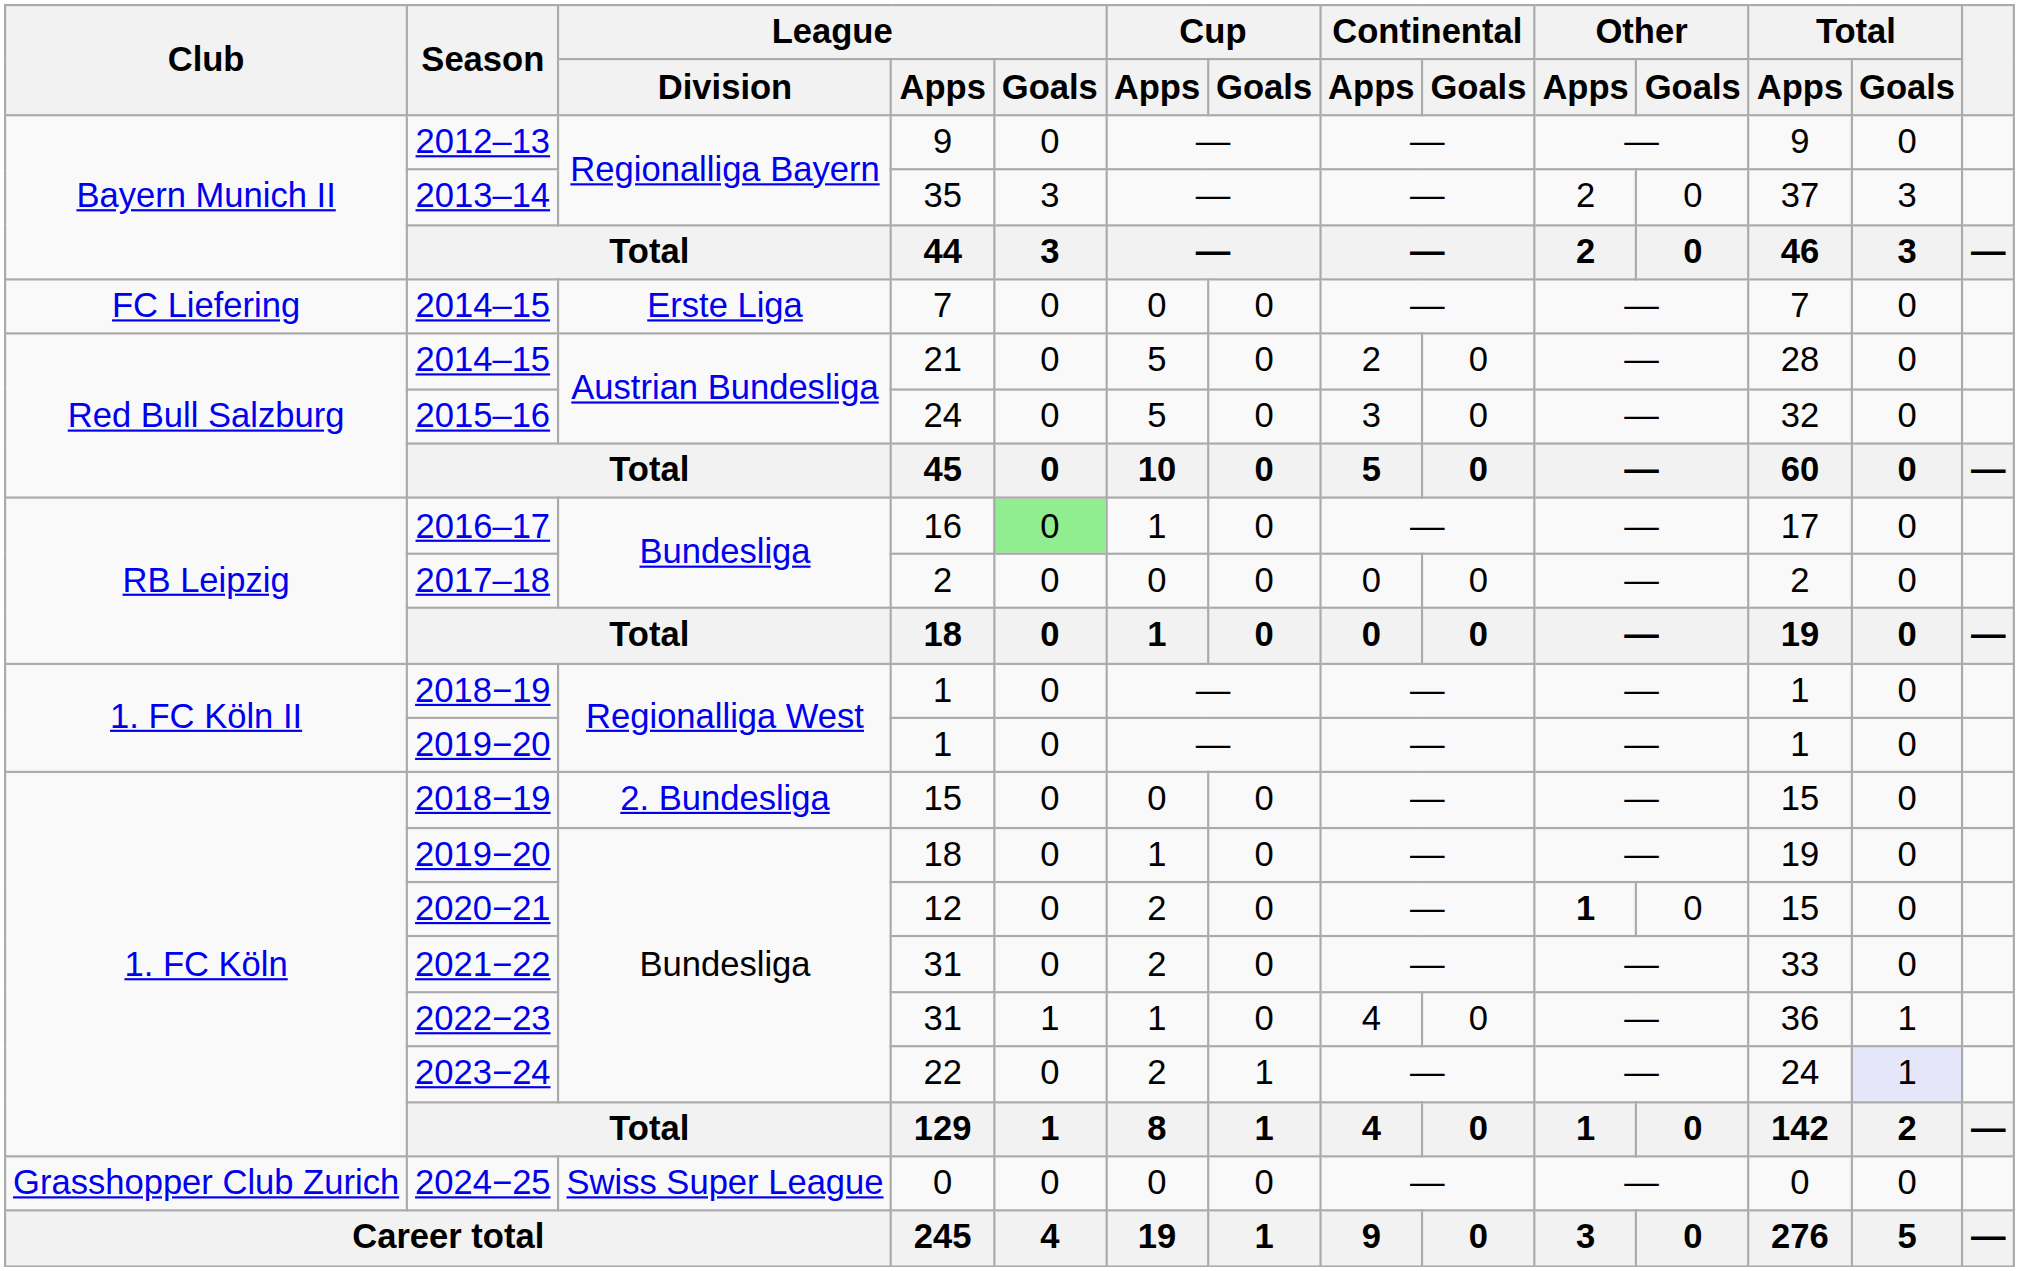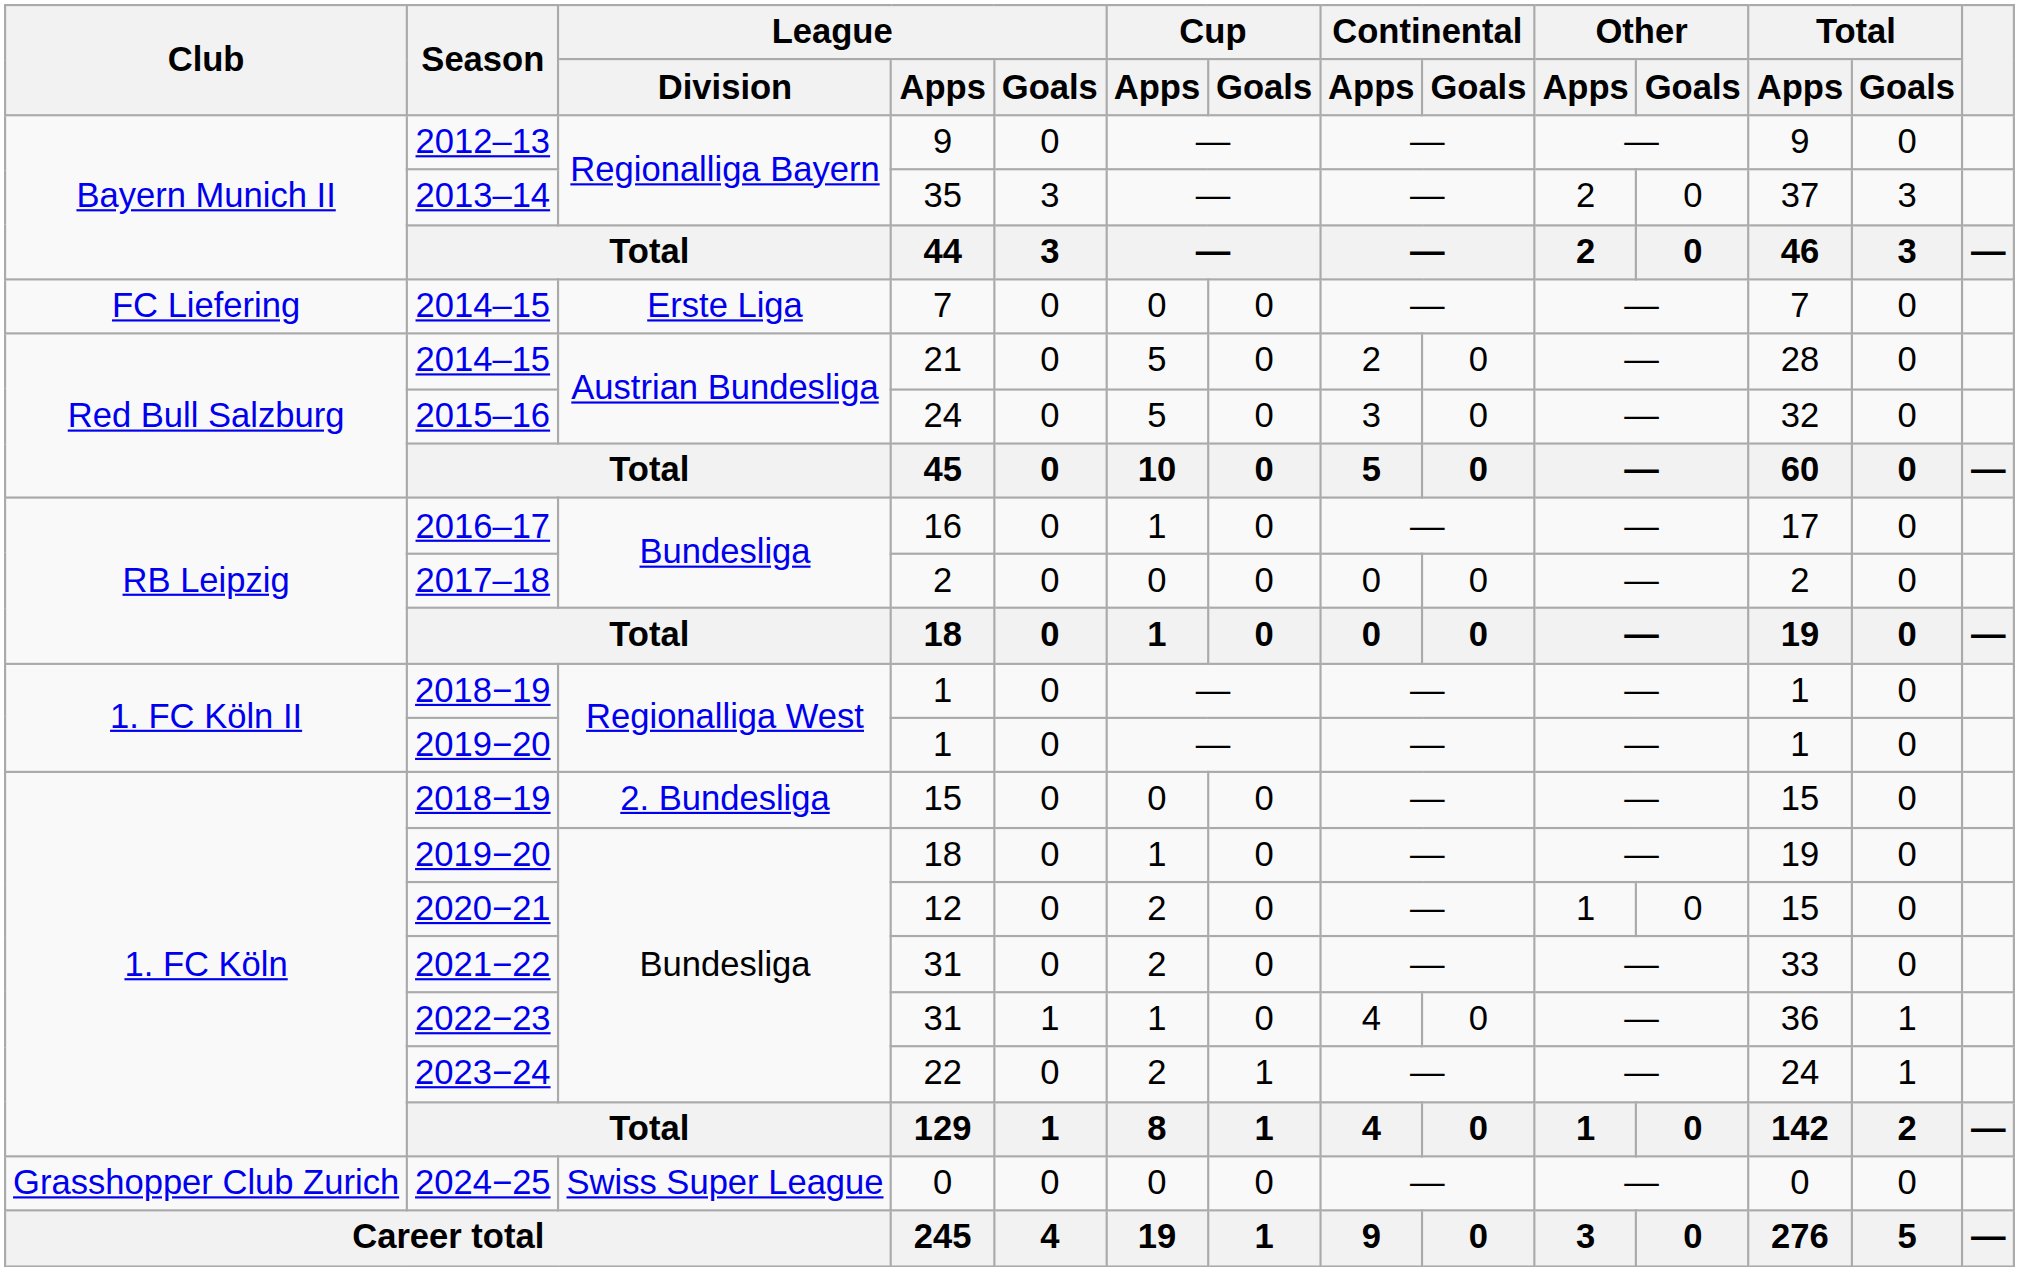 <table class="wikitable" style="text-align:center">
 <tr>
 <th rowspan="2">Club</th>
 <th rowspan="2">Season</th>
 <th colspan="3">League</th>
 <th colspan="2">Cup</th>
 <th colspan="2">Continental</th>
 <th colspan="2">Other</th>
 <th colspan="2">Total</th>
 <th rowspan="2"></th>
 </tr>
 <tr>
 <th>Division</th>
 <th>Apps</th>
 <th>Goals</th>
 <th>Apps</th>
 <th>Goals</th>
 <th>Apps</th>
 <th>Goals</th>
 <th>Apps</th>
 <th>Goals</th>
 <th>Apps</th>
 <th>Goals</th>
 </tr>
 <tr>
 <td rowspan="3"><a href='#'>Bayern Munich II</a></td>
 <td><a href='#'>2012–13</a></td>
 <td rowspan="2"><a href='#'>Regionalliga Bayern</a></td>
 <td>9</td>
 <td>0</td>
 <td colspan="2">—</td>
 <td colspan="2">—</td>
 <td colspan="2">—</td>
 <td>9</td>
 <td>0</td>
 <td></td>
 </tr>
 <tr>
 <td><a href='#'>2013–14</a></td>
 <td>35</td>
 <td>3</td>
 <td colspan="2">—</td>
 <td colspan="2">—</td>
 <td>2</td>
 <td>0</td>
 <td>37</td>
 <td>3</td>
 <td></td>
 </tr>
 <tr>
 <th colspan="2">Total</th>
 <th>44</th>
 <th>3</th>
 <th colspan="2">—</th>
 <th colspan="2">—</th>
 <th>2</th>
 <th>0</th>
 <th>46</th>
 <th>3</th>
 <th>—</th>
 </tr>
 <tr>
 <td><a href='#'>FC Liefering</a></td>
 <td><a href='#'>2014–15</a></td>
 <td><a href='#'>Erste Liga</a></td>
 <td>7</td>
 <td>0</td>
 <td>0</td>
 <td>0</td>
 <td colspan="2">—</td>
 <td colspan="2">—</td>
 <td>7</td>
 <td>0</td>
 <td></td>
 </tr>
 <tr>
 <td rowspan="3"><a href='#'>Red Bull Salzburg</a></td>
 <td><a href='#'>2014–15</a></td>
 <td rowspan="2"><a href='#'>Austrian Bundesliga</a></td>
 <td>21</td>
 <td>0</td>
 <td>5</td>
 <td>0</td>
 <td>2</td>
 <td>0</td>
 <td colspan="2">—</td>
 <td>28</td>
 <td>0</td>
 <td></td>
 </tr>
 <tr>
 <td><a href='#'>2015–16</a></td>
 <td>24</td>
 <td>0</td>
 <td>5</td>
 <td>0</td>
 <td>3</td>
 <td>0</td>
 <td colspan="2">—</td>
 <td>32</td>
 <td>0</td>
 <td></td>
 </tr>
 <tr>
 <th colspan="2">Total</th>
 <th>45</th>
 <th>0</th>
 <th>10</th>
 <th>0</th>
 <th>5</th>
 <th>0</th>
 <th colspan="2">—</th>
 <th>60</th>
 <th>0</th>
 <th>—</th>
 </tr>
 <tr>
 <td rowspan="3"><a href='#'>RB Leipzig</a></td>
 <td><a href='#'>2016–17</a></td>
 <td rowspan="2"><a href='#'>Bundesliga</a></td>
 <td>16</td>
-<td style="background: lightgreen;">0</td>
+<td>0</td>
 <td>1</td>
 <td>0</td>
 <td colspan="2">—</td>
 <td colspan="2">—</td>
 <td>17</td>
 <td>0</td>
 <td></td>
 </tr>
 <tr>
 <td><a href='#'>2017–18</a></td>
 <td>2</td>
 <td>0</td>
 <td>0</td>
 <td>0</td>
 <td>0</td>
 <td>0</td>
 <td colspan="2">—</td>
 <td>2</td>
 <td>0</td>
 <td></td>
 </tr>
 <tr>
 <th colspan="2">Total</th>
 <th>18</th>
 <th>0</th>
 <th>1</th>
 <th>0</th>
 <th>0</th>
 <th>0</th>
 <th colspan="2">—</th>
 <th>19</th>
 <th>0</th>
 <th>—</th>
 </tr>
 <tr>
 <td rowspan=2><a href='#'>1. FC Köln II</a></td>
 <td><a href='#'>2018−19</a></td>
 <td rowspan=2><a href='#'>Regionalliga West</a></td>
 <td>1</td>
 <td>0</td>
 <td colspan="2">—</td>
 <td colspan="2">—</td>
 <td colspan="2">—</td>
 <td>1</td>
 <td>0</td>
 <td></td>
 </tr>
 <tr>
 <td><a href='#'>2019−20</a></td>
 <td>1</td>
 <td>0</td>
 <td colspan="2">—</td>
 <td colspan="2">—</td>
 <td colspan="2">—</td>
 <td>1</td>
 <td>0</td>
 <td></td>
 </tr>
 <tr>
 <td rowspan=7><a href='#'>1. FC Köln</a></td>
 <td><a href='#'>2018−19</a></td>
 <td><a href='#'>2. Bundesliga</a></td>
 <td>15</td>
 <td>0</td>
 <td>0</td>
 <td>0</td>
 <td colspan="2">—</td>
 <td colspan="2">—</td>
 <td>15</td>
 <td>0</td>
 <td></td>
 </tr>
 <tr>
 <td><a href='#'>2019−20</a></td>
 <td rowspan=5>Bundesliga</td>
 <td>18</td>
 <td>0</td>
 <td>1</td>
 <td>0</td>
 <td colspan="2">—</td>
 <td colspan="2">—</td>
 <td>19</td>
 <td>0</td>
 <td></td>
 </tr>
 <tr>
 <td><a href='#'>2020−21</a></td>
 <td>12</td>
 <td>0</td>
 <td>2</td>
 <td>0</td>
 <td colspan="2">—</td>
-<td><strong>1</strong></td>
+<td>1</td>
 <td>0</td>
 <td>15</td>
 <td>0</td>
 <td></td>
 </tr>
 <tr>
 <td><a href='#'>2021−22</a></td>
 <td>31</td>
 <td>0</td>
 <td>2</td>
 <td>0</td>
 <td colspan="2">—</td>
 <td colspan="2">—</td>
 <td>33</td>
 <td>0</td>
 <td></td>
 </tr>
 <tr>
 <td><a href='#'>2022−23</a></td>
 <td>31</td>
 <td>1</td>
 <td>1</td>
 <td>0</td>
 <td>4</td>
 <td>0</td>
 <td colspan="2">—</td>
 <td>36</td>
 <td>1</td>
 <td></td>
 </tr>
 <tr>
 <td><a href='#'>2023−24</a></td>
 <td>22</td>
 <td>0</td>
 <td>2</td>
 <td>1</td>
 <td colspan="2">—</td>
 <td colspan="2">—</td>
 <td>24</td>
-<td style="background: lavender;">1</td>
+<td>1</td>
 <td></td>
 </tr>
 <tr>
 <th colspan="2">Total</th>
 <th>129</th>
 <th>1</th>
 <th>8</th>
 <th>1</th>
 <th>4</th>
 <th>0</th>
 <th>1</th>
 <th>0</th>
 <th>142</th>
 <th>2</th>
 <th>—</th>
 </tr>
 <tr>
 <td><a href='#'>Grasshopper Club Zurich</a></td>
 <td><a href='#'>2024−25</a></td>
 <td><a href='#'>Swiss Super League</a></td>
 <td>0</td>
 <td>0</td>
 <td>0</td>
 <td>0</td>
 <td colspan="2">—</td>
 <td colspan="2">—</td>
 <td>0</td>
 <td>0</td>
 <td></td>
 </tr>
 <tr>
 <th colspan="3">Career total</th>
 <th>245</th>
 <th>4</th>
 <th>19</th>
 <th>1</th>
 <th>9</th>
 <th>0</th>
 <th>3</th>
 <th>0</th>
 <th>276</th>
 <th>5</th>
 <th>—</th>
 </tr>
 </table>
